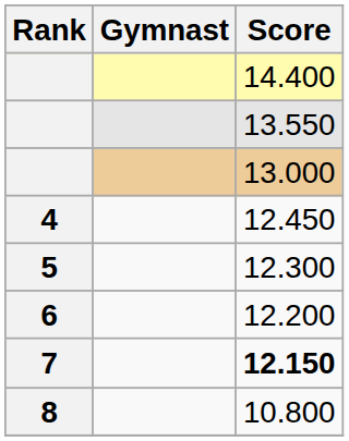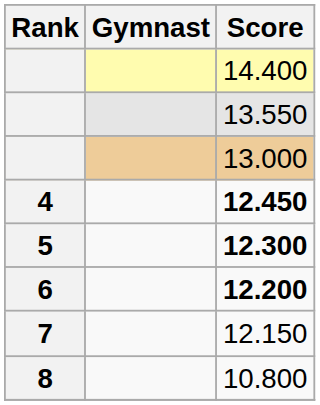 <table class="wikitable sortable" style="text-align:center; font-size:95%">
 <tr>
 <th scope=col>Rank</th>
 <th scope=col>Gymnast</th>
 <th scope=col>Score</th>
 </tr>
 <tr bgcolor=fffcaf>
 <th scope=row style="text-align:center"></th>
 <td align=left></td>
 <td>14.400</td>
 </tr>
 <tr bgcolor=e5e5e5>
 <th scope=row style="text-align:center"></th>
 <td align=left></td>
 <td>13.550</td>
 </tr>
 <tr bgcolor=eecc99>
 <th scope=row style="text-align:center"></th>
 <td align=left></td>
 <td>13.000</td>
 </tr>
 <tr>
 <th>4</th>
 <td align=left></td>
-<td>12.450</td>
+<td><strong>12.450</strong></td>
 </tr>
 <tr>
 <th>5</th>
 <td align=left></td>
-<td>12.300</td>
+<td><strong>12.300</strong></td>
 </tr>
 <tr>
 <th>6</th>
 <td align=left></td>
-<td>12.200</td>
+<td><strong>12.200</strong></td>
 </tr>
 <tr>
 <th>7</th>
 <td align=left></td>
-<td><strong>12.150</strong></td>
+<td>12.150</td>
 </tr>
 <tr>
 <th>8</th>
 <td align=left></td>
 <td>10.800</td>
 </tr>
 <tr>
 </tr>
 </table>
